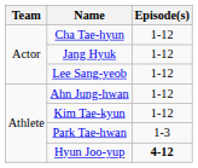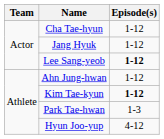 <table class="wikitable" style="text-align:center">
 <tr>
 <th>Team</th>
 <th>Name</th>
 <th>Episode(s)</th>
 </tr>
 <tr>
 <td rowspan=3>Actor</td>
 <td><a href='#'>Cha Tae-hyun</a></td>
 <td>1-12</td>
 </tr>
 <tr>
 <td><a href='#'>Jang Hyuk</a></td>
 <td>1-12</td>
 </tr>
 <tr>
 <td><a href='#'>Lee Sang-yeob</a></td>
-<td>1-12</td>
+<td><strong>1-12</strong></td>
 </tr>
 <tr>
 <td rowspan=4>Athlete</td>
 <td><a href='#'>Ahn Jung-hwan</a></td>
 <td>1-12</td>
 </tr>
 <tr>
 <td><a href='#'>Kim Tae-kyun</a></td>
-<td>1-12</td>
+<td><strong>1-12</strong></td>
 </tr>
 <tr>
 <td><a href='#'>Park Tae-hwan</a></td>
 <td>1-3</td>
 </tr>
 <tr>
 <td><a href='#'>Hyun Joo-yup</a></td>
-<td><strong>4-12</strong></td>
+<td>4-12</td>
 </tr>
 </table>
